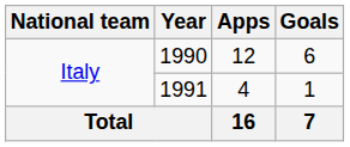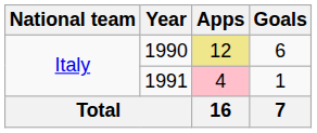 <table class="wikitable" style="text-align:center">
 <tr>
 <th>National team</th>
 <th>Year</th>
 <th>Apps</th>
 <th>Goals</th>
 </tr>
 <tr>
 <td rowspan="2"><a href='#'>Italy</a></td>
 <td>1990</td>
-<td>12</td>
+<td style="background: khaki;">12</td>
 <td>6</td>
 </tr>
 <tr>
 <td>1991</td>
-<td>4</td>
+<td style="background: pink;">4</td>
 <td>1</td>
 </tr>
 <tr>
 <th colspan="2">Total</th>
 <th>16</th>
 <th>7</th>
 </tr>
 </table>
